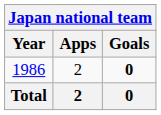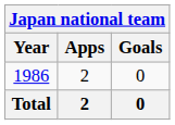 <table class="wikitable" style="text-align:center">
 <tr>
 <th colspan=3><a href='#'>Japan national team</a></th>
 </tr>
 <tr>
 <th>Year</th>
 <th>Apps</th>
 <th>Goals</th>
 </tr>
 <tr>
 <td><a href='#'>1986</a></td>
 <td>2</td>
-<td><strong>0</strong></td>
+<td>0</td>
 </tr>
 <tr>
 <th>Total</th>
 <th>2</th>
 <th>0</th>
 </tr>
 </table>
